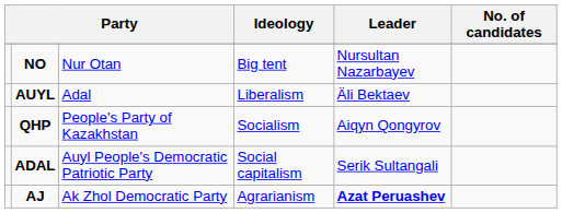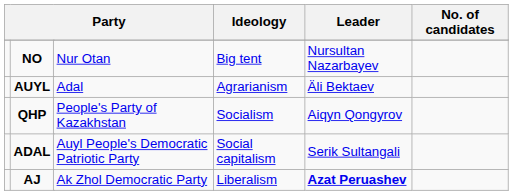 <table class="wikitable">
 <tr>
 <th colspan="4" rowspan="1">Party</th>
 <th rowspan="1">Ideology</th>
 <th rowspan="1">Leader</th>
 <th rowspan="1">No. of candidates</th>
 </tr>
 <tr>
 </tr>
 <tr>
 <td style="background:"></td>
 <td colspan="2" style="text-align:center;"><strong>NO</strong></td>
 <td><a href='#'>Nur Otan</a></td>
 <td><a href='#'>Big tent</a></td>
 <td><a href='#'>Nursultan Nazarbayev</a></td>
 <td></td>
 </tr>
 <tr>
 <td style="background:"></td>
 <td colspan="2" style="text-align:center;"><strong>AUYL</strong></td>
 <td><a href='#'>Adal</a></td>
-<td><a href='#'>Liberalism</a></td>
+<td><a href='#'>Agrarianism</a></td>
 <td><a href='#'>Äli Bektaev</a></td>
 <td></td>
 </tr>
 <tr>
 <td style="background:"></td>
 <td colspan="2" style="text-align:center;"><strong>QHP</strong></td>
 <td><a href='#'>People's Party of Kazakhstan</a></td>
 <td><a href='#'>Socialism</a></td>
 <td><a href='#'>Aiqyn Qongyrov</a></td>
 <td></td>
 </tr>
 <tr>
 <td style="background:"></td>
 <td colspan="2" style="text-align:center;"><strong>ADAL</strong></td>
 <td><a href='#'>Auyl People's Democratic Patriotic Party</a></td>
 <td><a href='#'>Social capitalism</a></td>
 <td><a href='#'>Serik Sultangali</a></td>
 <td></td>
 </tr>
 <tr>
 <td style="background:"></td>
 <td colspan="2" style="text-align:center;"><strong>AJ</strong></td>
 <td><a href='#'>Ak Zhol Democratic Party</a></td>
-<td><a href='#'>Agrarianism</a></td>
+<td><a href='#'>Liberalism</a></td>
 <td><strong><a href='#'>Azat Peruashev</a></strong></td>
 <td></td>
 </tr>
 </table>
